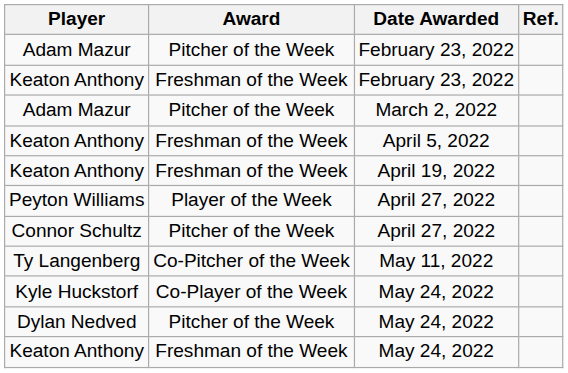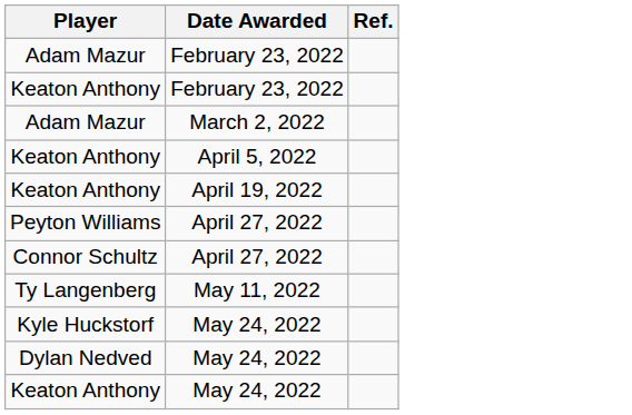 <table class="wikitable sortable sortable" style="text-align: center">
 <tr align=center>
 <th>Player</th>
-<th>Award</th>
 <th>Date Awarded</th>
 <th>Ref.</th>
 </tr>
 <tr>
 <td>Adam Mazur</td>
-<td rowspan="1">Pitcher of the Week</td>
 <td rowspan="1">February 23, 2022</td>
 <td rowspan="1"></td>
 </tr>
 <tr>
 <td>Keaton Anthony</td>
-<td rowspan="1">Freshman of the Week</td>
 <td rowspan="1">February 23, 2022</td>
 <td rowspan="1"></td>
 </tr>
 <tr>
 <td>Adam Mazur</td>
-<td rowspan="1">Pitcher of the Week</td>
 <td rowspan="1">March 2, 2022</td>
 <td rowspan="1"></td>
 </tr>
 <tr>
 <td>Keaton Anthony</td>
-<td rowspan="1">Freshman of the Week</td>
 <td rowspan="1">April 5, 2022</td>
 <td rowspan="1"></td>
 </tr>
 <tr>
 <td>Keaton Anthony</td>
-<td rowspan="1">Freshman of the Week</td>
 <td rowspan="1">April 19, 2022</td>
 <td rowspan="1"></td>
 </tr>
 <tr>
 <td>Peyton Williams</td>
-<td rowspan="1">Player of the Week</td>
 <td rowspan="1">April 27, 2022</td>
 <td rowspan="1"></td>
 </tr>
 <tr>
 <td>Connor Schultz</td>
-<td rowspan="1">Pitcher of the Week</td>
 <td rowspan="1">April 27, 2022</td>
 <td rowspan="1"></td>
 </tr>
 <tr>
 <td>Ty Langenberg</td>
-<td rowspan="1">Co-Pitcher of the Week</td>
 <td rowspan="1">May 11, 2022</td>
 <td rowspan="1"></td>
 </tr>
 <tr>
 <td>Kyle Huckstorf</td>
-<td rowspan="1">Co-Player of the Week</td>
 <td rowspan="1">May 24, 2022</td>
 <td rowspan="1"></td>
 </tr>
 <tr>
 <td>Dylan Nedved</td>
-<td rowspan="1">Pitcher of the Week</td>
 <td rowspan="1">May 24, 2022</td>
 <td rowspan="1"></td>
 </tr>
 <tr>
 <td>Keaton Anthony</td>
-<td rowspan="1">Freshman of the Week</td>
 <td rowspan="1">May 24, 2022</td>
 <td rowspan="1"></td>
 </tr>
 </table>
